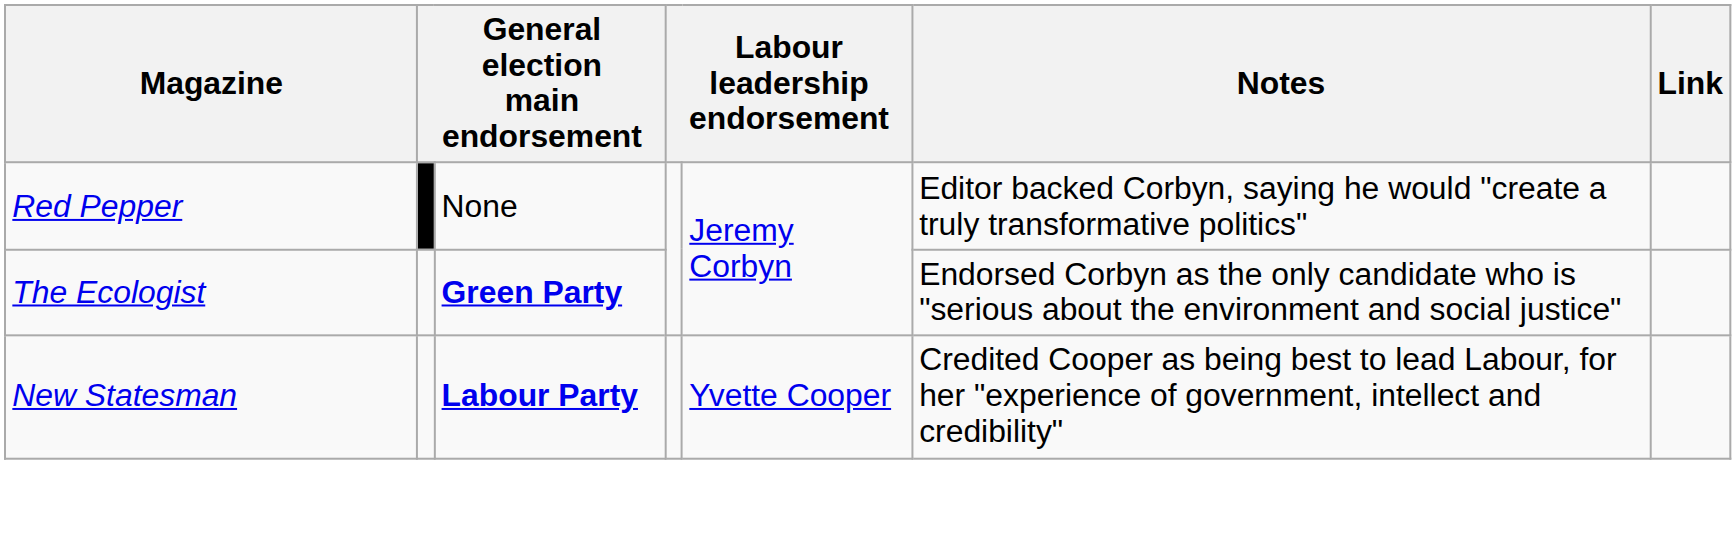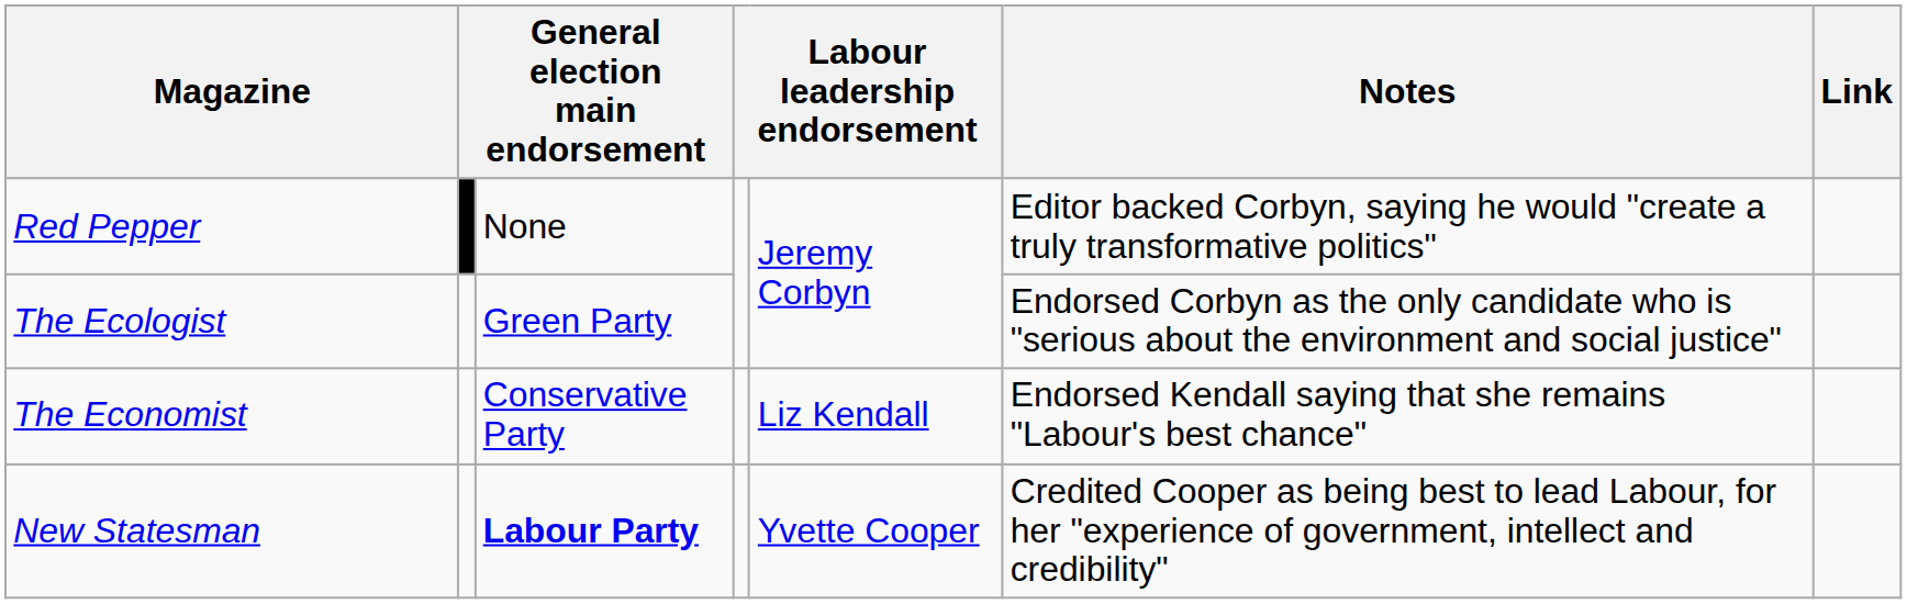 <table class="wikitable">
 <tr>
 <th style="width:200px;">Magazine</th>
 <th colspan=2>General election<br>main endorsement</th>
 <th colspan=2>Labour leadership<br>endorsement</th>
 <th>Notes</th>
 <th>Link</th>
 </tr>
 <tr>
 <td><em><a href='#'>Red Pepper</a></em></td>
 <td style="background:black;"></td>
 <td>None</td>
 <td rowspan="2" style="background-color: "></td>
 <td rowspan="2"><a href='#'>Jeremy Corbyn</a></td>
 <td>Editor backed Corbyn, saying he would "create a truly transformative politics"</td>
 <td></td>
 </tr>
 <tr>
 <td><em><a href='#'>The Ecologist</a></em></td>
 <td style="background-color: "></td>
-<td><strong><a href='#'>Green Party</a></strong></td>
+<td><a href='#'>Green Party</a></td>
 <td>Endorsed Corbyn as the only candidate who is "serious about the environment and social justice"</td>
+<td></td>
+</tr>
+<tr>
+<td><em><a href='#'>The Economist</a></em></td>
+<td style="background-color: "></td>
+<td><a href='#'>Conservative Party</a></td>
+<td rowspan="1" style="background-color: "></td>
+<td><a href='#'>Liz Kendall</a></td>
+<td>Endorsed Kendall saying that she remains "Labour's best chance"</td>
 <td></td>
 </tr>
 <tr>
 <td><em><a href='#'>New Statesman</a></em></td>
 <td style="background-color: "></td>
 <td><strong><a href='#'>Labour Party</a></strong></td>
 <td rowspan="1" style="background-color: "></td>
 <td><a href='#'>Yvette Cooper</a></td>
 <td>Credited Cooper as being best to lead Labour, for her "experience of government, intellect and credibility"</td>
 <td></td>
 </tr>
 </table>
